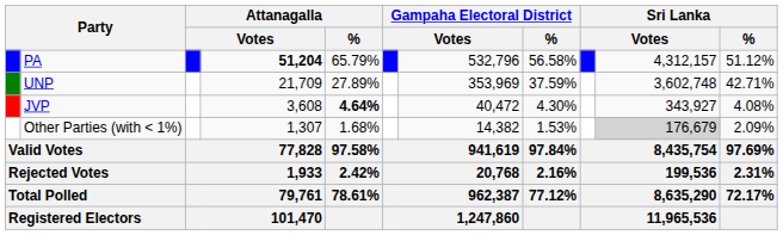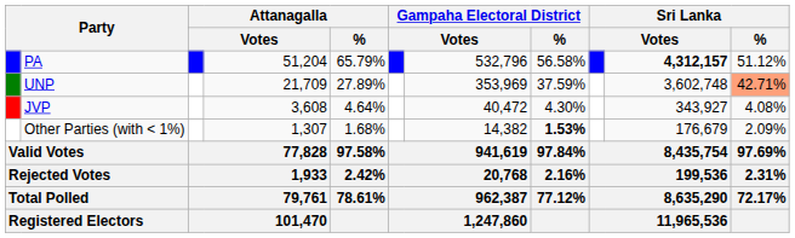 <table class="wikitable">
 <tr>
 <th colspan="2" width="144px"rowspan="2">Party</th>
 <th colspan="3" width="216px">Attanagalla</th>
 <th colspan="3" width="216px"><a href='#'>Gampaha Electoral District</a></th>
 <th colspan="3" width="216px">Sri Lanka</th>
 </tr>
 <tr>
 <th colspan="2" width="144px">Votes</th>
 <th>%</th>
 <th colspan="2" width="144px">Votes</th>
 <th>%</th>
 <th colspan="2" width="144px">Votes</th>
 <th>%</th>
 </tr>
 <tr>
 <td style="background-color:blue;" width="10px"></td>
 <td style="text-align:left;"><a href='#'>PA</a></td>
 <td style="background-color:blue;" width="10px"></td>
-<td style="text-align:right;"><strong>51,204</strong></td>
+<td style="text-align:right;">51,204</td>
 <td style="text-align:right;">65.79%</td>
 <td style="background-color:blue;" width="10px"></td>
 <td style="text-align:right;">532,796</td>
 <td style="text-align:right;">56.58%</td>
 <td style="background-color:blue;" width="10px"></td>
-<td style="text-align:right;">4,312,157</td>
+<td style="text-align:right;"><strong>4,312,157</strong></td>
 <td style="text-align:right;">51.12%</td>
 </tr>
 <tr>
 <td style="background-color:green;" width="10px"></td>
 <td style="text-align:left;"><a href='#'>UNP</a></td>
 <td style="background-color:white;" width="10px"></td>
 <td style="text-align:right;">21,709</td>
 <td style="text-align:right;">27.89%</td>
 <td style="background-color:white;" width="10px"></td>
 <td style="text-align:right;">353,969</td>
 <td style="text-align:right;">37.59%</td>
 <td style="background-color:white;" width="10px"></td>
 <td style="text-align:right;">3,602,748</td>
-<td style="text-align:right;">42.71%</td>
+<td style="background: lightsalmon; text-align:right;">42.71%</td>
 </tr>
 <tr>
 <td style="background-color:red;" width="10px"></td>
 <td style="text-align:left;"><a href='#'>JVP</a></td>
 <td style="background-color:white;" width="10px"></td>
 <td style="text-align:right;">3,608</td>
-<td style="text-align:right;"><strong>4.64%</strong></td>
+<td style="text-align:right;">4.64%</td>
 <td style="background-color:white;" width="10px"></td>
 <td style="text-align:right;">40,472</td>
 <td style="text-align:right;">4.30%</td>
 <td style="background-color:white;" width="10px"></td>
 <td style="text-align:right;">343,927</td>
 <td style="text-align:right;">4.08%</td>
 </tr>
 <tr>
 <td style="background-color:white;" width="10px"></td>
 <td style="text-align:left;">Other Parties (with < 1%)</td>
 <td style="background-color:white;" width="10px"></td>
 <td style="text-align:right;">1,307</td>
 <td style="text-align:right;">1.68%</td>
 <td style="background-color:white;" width="10px"></td>
 <td style="text-align:right;">14,382</td>
-<td style="text-align:right;">1.53%</td>
+<td style="text-align:right;"><strong>1.53%</strong></td>
 <td style="background-color:white;" width="10px"></td>
-<td style="background: lightgrey; text-align:right;">176,679</td>
+<td style="text-align:right;">176,679</td>
 <td style="text-align:right;">2.09%</td>
 </tr>
 <tr>
 <th colspan="2" width="144px"style="text-align:left;">Valid Votes</th>
 <th style="text-align:right;"colspan="2" width="144px">77,828</th>
 <th style="text-align:right;">97.58%</th>
 <th style="text-align:right;"colspan="2" width="144px">941,619</th>
 <th style="text-align:right;">97.84%</th>
 <th style="text-align:right;"colspan="2" width="144px">8,435,754</th>
 <th style="text-align:right;">97.69%</th>
 </tr>
 <tr>
 <th colspan="2" width="144px"style="text-align:left;">Rejected Votes</th>
 <th style="text-align:right;"colspan="2" width="144px">1,933</th>
 <th style="text-align:right;">2.42%</th>
 <th style="text-align:right;"colspan="2" width="144px">20,768</th>
 <th style="text-align:right;">2.16%</th>
 <th style="text-align:right;"colspan="2" width="144px">199,536</th>
 <th style="text-align:right;">2.31%</th>
 </tr>
 <tr>
 <th colspan="2" width="144px"style="text-align:left;">Total Polled</th>
 <th style="text-align:right;"colspan="2" width="144px">79,761</th>
 <th style="text-align:right;">78.61%</th>
 <th style="text-align:right;"colspan="2" width="144px">962,387</th>
 <th style="text-align:right;">77.12%</th>
 <th style="text-align:right;"colspan="2" width="144px">8,635,290</th>
 <th style="text-align:right;">72.17%</th>
 </tr>
 <tr>
 <th colspan="2" width="144px"style="text-align:left;">Registered Electors</th>
 <th style="text-align:right;"colspan="2" width="144px">101,470</th>
 <th></th>
 <th style="text-align:right;"colspan="2" width="144px">1,247,860</th>
 <th></th>
 <th style="text-align:right;"colspan="2" width="144px">11,965,536</th>
 <th></th>
 </tr>
 </table>
